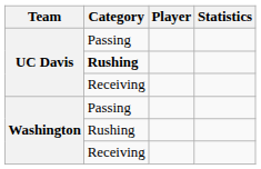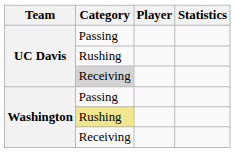 <table class="wikitable" style="float:right">
 <tr>
 <th>Team</th>
 <th>Category</th>
 <th>Player</th>
 <th>Statistics</th>
 </tr>
 <tr>
 <th rowspan=3>UC Davis</th>
 <td>Passing</td>
 <td></td>
 <td></td>
 </tr>
 <tr>
-<td><strong>Rushing</strong></td>
+<td>Rushing</td>
 <td></td>
 <td></td>
 </tr>
 <tr>
-<td>Receiving</td>
+<td style="background: lightgrey;">Receiving</td>
 <td></td>
 <td></td>
 </tr>
 <tr>
 <th rowspan=3>Washington</th>
 <td>Passing</td>
 <td></td>
 <td></td>
 </tr>
 <tr>
-<td>Rushing</td>
+<td style="background: khaki;">Rushing</td>
 <td></td>
 <td></td>
 </tr>
 <tr>
 <td>Receiving</td>
 <td></td>
 <td></td>
 </tr>
 </table>
